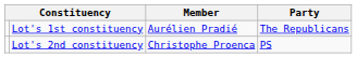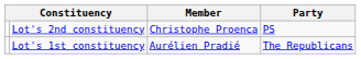 <table class="wikitable">
 <tr>
 <th colspan="2">Constituency</th>
 <th>Member</th>
 <th>Party</th>
 </tr>
 <tr>
 <td style="background-color: "></td>
+<td><a href='#'>Lot's 2nd constituency</a></td>
+<td><a href='#'>Christophe Proenca</a></td>
+<td><a href='#'>PS</a></td>
+</tr>
+<tr>
+<td style="background-color: "></td>
 <td><a href='#'>Lot's 1st constituency</a></td>
 <td><a href='#'>Aurélien Pradié</a></td>
 <td><a href='#'>The Republicans</a></td>
 </tr>
-<tr>
-<td style="background-color: "></td>
-<td><a href='#'>Lot's 2nd constituency</a></td>
-<td><a href='#'>Christophe Proenca</a></td>
-<td><a href='#'>PS</a></td>
-</tr>
 </table>
